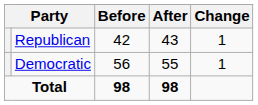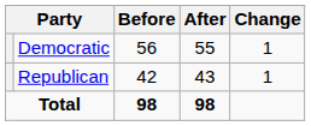 <table class="wikitable" style="text-align:center;">
 <tr>
 </tr>
 <tr>
 <th colspan=2>Party</th>
 <th>Before</th>
 <th>After</th>
 <th>Change</th>
 </tr>
 <tr>
 <th style="background-color:"></th>
-<td style="text-align:left;"><a href='#'>Republican</a></td>
-<td>42</td>
-<td>43</td>
+<td style="text-align:left;"><a href='#'>Democratic</a></td>
+<td>56</td>
+<td>55</td>
 <td> 1</td>
 </tr>
 <tr>
 <th style="background-color:"></th>
-<td style="text-align:left;"><a href='#'>Democratic</a></td>
-<td>56</td>
-<td>55</td>
+<td style="text-align:left;"><a href='#'>Republican</a></td>
+<td>42</td>
+<td>43</td>
 <td> 1</td>
 </tr>
 <tr>
 <td colspan=2><strong>Total</strong></td>
 <td><strong>98</strong></td>
 <td><strong>98</strong></td>
 <td></td>
 </tr>
 </table>
